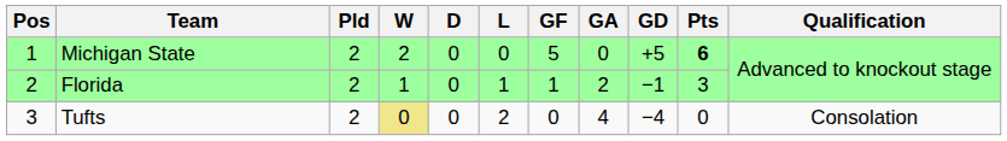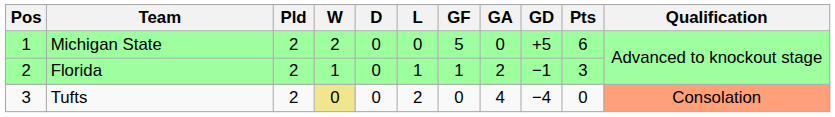 <table class="wikitable" style="text-align:center; margin: 1em auto">
 <tr>
 <th style=width:2em>Pos</th>
 <th style=width:13em>Team</th>
 <th style=width:2em>Pld</th>
 <th style=width:2em>W</th>
 <th style=width:2em>D</th>
 <th style=width:2em>L</th>
 <th style=width:2em>GF</th>
 <th style=width:2em>GA</th>
 <th style=width:2em>GD</th>
 <th style=width:2em>Pts</th>
 <th style=width:13em>Qualification</th>
 </tr>
 <tr bgcolor="#9eff9e">
 <td>1</td>
 <td style="text-align:left">Michigan State</td>
 <td>2</td>
 <td>2</td>
 <td>0</td>
 <td>0</td>
 <td>5</td>
 <td>0</td>
 <td>+5</td>
-<td><strong>6</strong></td>
+<td>6</td>
 <td rowspan="2">Advanced to knockout stage</td>
 </tr>
 <tr bgcolor="#9eff9e">
 <td>2</td>
 <td style="text-align:left">Florida</td>
 <td>2</td>
 <td>1</td>
 <td>0</td>
 <td>1</td>
 <td>1</td>
 <td>2</td>
 <td>−1</td>
 <td>3</td>
 </tr>
 <tr>
 <td>3</td>
 <td style="text-align:left">Tufts</td>
 <td>2</td>
 <td style="background: khaki;">0</td>
 <td>0</td>
 <td>2</td>
 <td>0</td>
 <td>4</td>
 <td>−4</td>
 <td>0</td>
-<td>Consolation</td>
+<td style="background: lightsalmon;">Consolation</td>
 </tr>
 </table>
